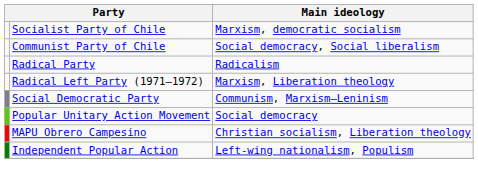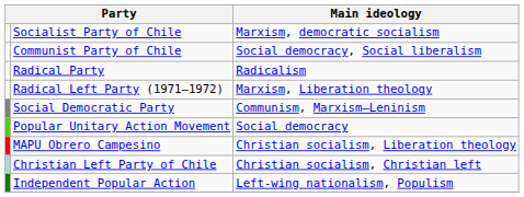 <table class="wikitable" style="font-size:95%">
 <tr>
 <th colspan=2>Party</th>
 <th>Main ideology</th>
 </tr>
 <tr>
 <td></td>
 <td> <a href='#'>Socialist Party of Chile</a></td>
 <td><a href='#'>Marxism</a>, <a href='#'>democratic socialism</a></td>
 </tr>
 <tr>
 <td></td>
 <td> <a href='#'>Communist Party of Chile</a></td>
 <td><a href='#'>Social democracy</a>, <a href='#'>Social liberalism</a></td>
 </tr>
 <tr>
 <td></td>
 <td> <a href='#'>Radical Party</a></td>
 <td><a href='#'>Radicalism</a></td>
 </tr>
 <tr>
 <td></td>
 <td> <a href='#'>Radical Left Party</a> (1971–1972)</td>
 <td><a href='#'>Marxism</a>, <a href='#'>Liberation theology</a></td>
 </tr>
 <tr>
 <td bgcolor="grey"></td>
 <td> <a href='#'>Social Democratic Party</a></td>
 <td><a href='#'>Communism</a>, <a href='#'>Marxism–Leninism</a></td>
 </tr>
 <tr>
 <td style="color:inherit;background:#55CD00"></td>
 <td> <a href='#'>Popular Unitary Action Movement</a></td>
 <td><a href='#'>Social democracy</a></td>
 </tr>
 <tr>
 <td style="color:inherit;background:#FF0000"></td>
 <td> <a href='#'>MAPU Obrero Campesino</a></td>
 <td><a href='#'>Christian socialism</a>, <a href='#'>Liberation theology</a></td>
 </tr>
 <tr>
+<td bgcolor="lightblue"></td>
+<td> <a href='#'>Christian Left Party of Chile</a></td>
+<td><a href='#'>Christian socialism</a>,  <a href='#'>Christian left</a></td>
+</tr>
+<tr>
 <td bgcolor="green"></td>
 <td> <a href='#'>Independent Popular Action</a></td>
 <td><a href='#'>Left-wing nationalism</a>, <a href='#'>Populism</a></td>
 </tr>
 <tr>
 </tr>
 </table>
